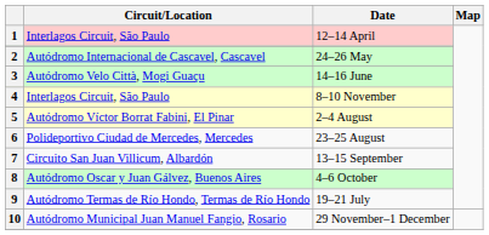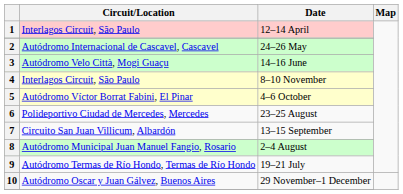 <table class="wikitable" style="font-size: 85%">
 <tr>
 <th></th>
 <th>Circuit/Location</th>
 <th>Date</th>
 <th>Map</th>
 </tr>
 <tr>
 <th>1</th>
 <td style="background:#ffcccc;"> <a href='#'>Interlagos Circuit</a>, <a href='#'>São Paulo</a></td>
 <td style="background:#ffcccc;">12–14 April</td>
 <td rowspan="10"></td>
 </tr>
 <tr>
 </tr>
 <tr style="background:#ccffcc;">
 <th>2</th>
 <td> <a href='#'>Autódromo Internacional de Cascavel</a>, <a href='#'>Cascavel</a></td>
 <td>24–26 May</td>
 </tr>
 <tr style="background:#ccffcc;">
 <th>3</th>
 <td> <a href='#'>Autódromo Velo Città</a>, <a href='#'>Mogi Guaçu</a></td>
 <td>14–16 June</td>
 </tr>
 <tr style="background:#ffffcc;">
 <th>4</th>
 <td> <a href='#'>Interlagos Circuit</a>, <a href='#'>São Paulo</a></td>
 <td>8–10 November</td>
 </tr>
 <tr style="background:#ffffcc;">
 <th>5</th>
 <td> <a href='#'>Autódromo Víctor Borrat Fabini</a>, <a href='#'>El Pinar</a></td>
-<td>2–4 August</td>
+<td>4–6 October</td>
 </tr>
 <tr>
 <th>6</th>
 <td> <a href='#'>Polideportivo Ciudad de Mercedes</a>, <a href='#'>Mercedes</a></td>
 <td>23–25 August</td>
 </tr>
 <tr>
 <th>7</th>
 <td> <a href='#'>Circuito San Juan Villicum</a>, <a href='#'>Albardón</a></td>
 <td>13–15 September</td>
 </tr>
 <tr style="background:#ccffcc;">
 <th>8</th>
-<td> <a href='#'>Autódromo Oscar y Juan Gálvez</a>, <a href='#'>Buenos Aires</a></td>
-<td>4–6 October</td>
+<td> <a href='#'>Autódromo Municipal Juan Manuel Fangio</a>, <a href='#'>Rosario</a></td>
+<td>2–4 August</td>
 </tr>
 <tr>
 <th>9</th>
 <td> <a href='#'>Autódromo Termas de Río Hondo</a>, <a href='#'>Termas de Río Hondo</a></td>
 <td>19–21 July</td>
 </tr>
 <tr>
 <th>10</th>
-<td> <a href='#'>Autódromo Municipal Juan Manuel Fangio</a>, <a href='#'>Rosario</a></td>
+<td> <a href='#'>Autódromo Oscar y Juan Gálvez</a>, <a href='#'>Buenos Aires</a></td>
 <td>29 November–1 December</td>
 </tr>
 <tr>
 </tr>
 </table>
